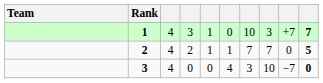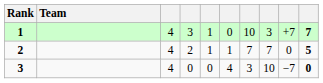 <table class="wikitable" style="text-align:center">
 <tr>
+<th width=30>Rank</th>
 <th width=165 style="text-align:left">Team</th>
-<th width=30>Rank</th>
 <th width=20></th>
 <th width=20></th>
 <th width=20></th>
 <th width=20></th>
 <th width=20></th>
 <th width=20></th>
 <th width=20></th>
 <th width=20></th>
 </tr>
 <tr bgcolor="#ccffcc">
+<td><strong>1</strong></td>
 <td align="left"></td>
-<td><strong>1</strong></td>
 <td>4</td>
 <td>3</td>
 <td>1</td>
 <td>0</td>
 <td>10</td>
 <td>3</td>
 <td>+7</td>
 <td><strong>7</strong></td>
 </tr>
 <tr>
+<td><strong>2</strong></td>
 <td align="left"></td>
-<td><strong>2</strong></td>
 <td>4</td>
 <td>2</td>
 <td>1</td>
 <td>1</td>
 <td>7</td>
 <td>7</td>
 <td>0</td>
 <td><strong>5</strong></td>
 </tr>
 <tr>
+<td><strong>3</strong></td>
 <td align="left"></td>
-<td><strong>3</strong></td>
 <td>4</td>
 <td>0</td>
 <td>0</td>
 <td>4</td>
 <td>3</td>
 <td>10</td>
 <td>−7</td>
 <td><strong>0</strong></td>
 </tr>
 </table>
